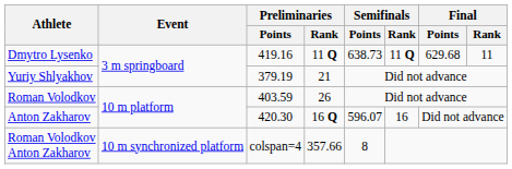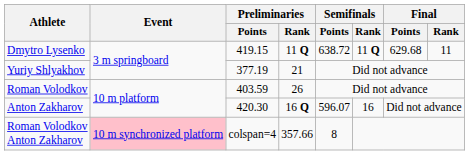 <table class=wikitable style="font-size:90%">
 <tr>
 <th rowspan="2">Athlete</th>
 <th rowspan="2">Event</th>
 <th colspan="2">Preliminaries</th>
 <th colspan="2">Semifinals</th>
 <th colspan="2">Final</th>
 </tr>
 <tr style="font-size:95%">
 <th>Points</th>
 <th>Rank</th>
 <th>Points</th>
 <th>Rank</th>
 <th>Points</th>
 <th>Rank</th>
 </tr>
 <tr align=center>
 <td align=left><a href='#'>Dmytro Lysenko</a></td>
 <td align=left rowspan=2><a href='#'>3 m springboard</a></td>
-<td>419.16</td>
+<td>419.15</td>
 <td>11 <strong>Q</strong></td>
-<td>638.73</td>
+<td>638.72</td>
 <td>11 <strong>Q</strong></td>
 <td>629.68</td>
 <td>11</td>
 </tr>
 <tr align=center>
 <td align=left><a href='#'>Yuriy Shlyakhov</a></td>
-<td>379.19</td>
+<td>377.19</td>
 <td>21</td>
 <td colspan=4>Did not advance</td>
 </tr>
 <tr align=center>
 <td align=left><a href='#'>Roman Volodkov</a></td>
 <td align=left rowspan=2><a href='#'>10 m platform</a></td>
 <td>403.59</td>
 <td>26</td>
 <td colspan=4>Did not advance</td>
 </tr>
 <tr align=center>
 <td align=left><a href='#'>Anton Zakharov</a></td>
 <td>420.30</td>
 <td>16 <strong>Q</strong></td>
 <td>596.07</td>
 <td>16</td>
 <td colspan=2>Did not advance</td>
 </tr>
 <tr align=center>
 <td align=left><a href='#'>Roman Volodkov</a><br><a href='#'>Anton Zakharov</a></td>
-<td align=left><a href='#'>10 m synchronized platform</a></td>
+<td align=left style="background: pink;"><a href='#'>10 m synchronized platform</a></td>
 <td>colspan=4 </td>
 <td>357.66</td>
 <td>8</td>
 </tr>
 </table>
